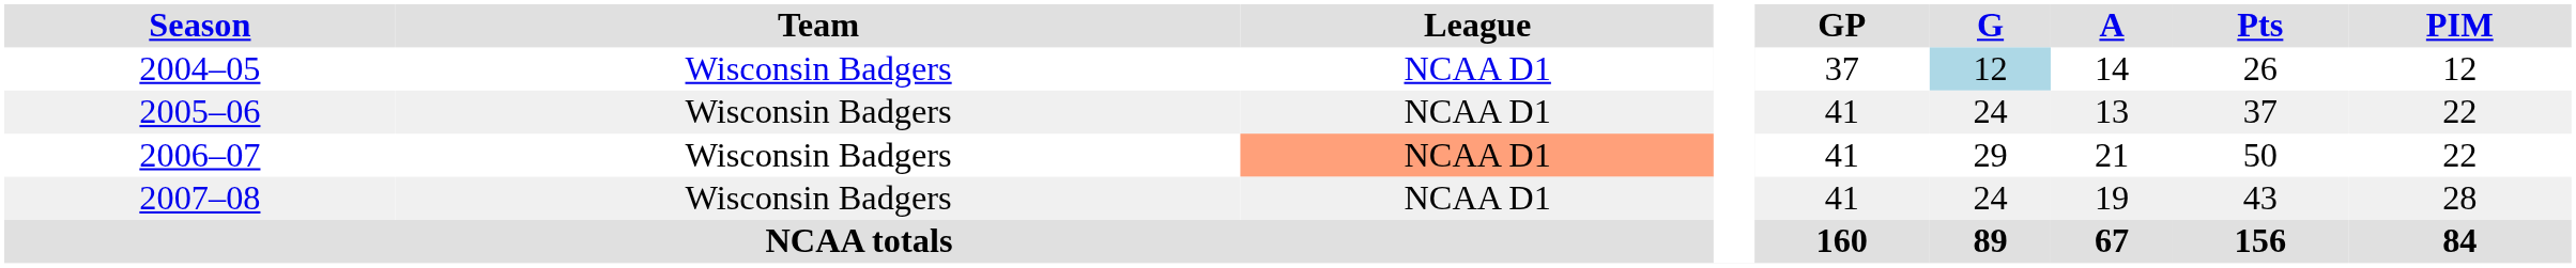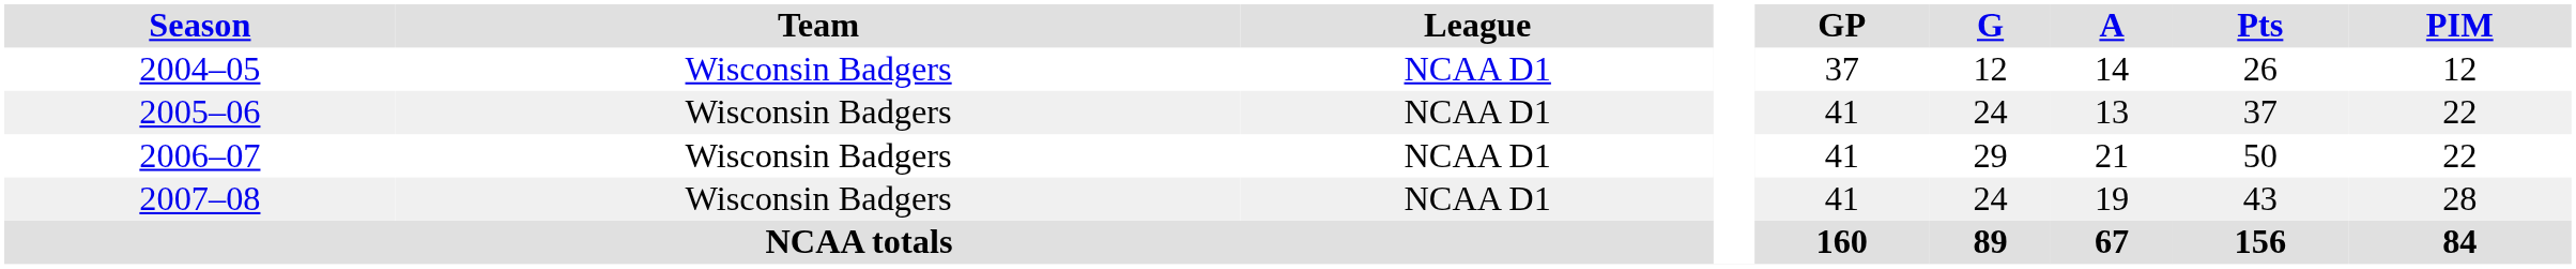 <table border="0" cellpadding="1" cellspacing="0" width="75%" style="text-align:center">
 <tr bgcolor="#e0e0e0">
 <th><a href='#'>Season</a></th>
 <th>Team</th>
 <th>League</th>
 <th rowspan="99" bgcolor="#ffffff"> </th>
 <th>GP</th>
 <th><a href='#'>G</a></th>
 <th><a href='#'>A</a></th>
 <th><a href='#'>Pts</a></th>
 <th><a href='#'>PIM</a></th>
 </tr>
 <tr>
 <td><a href='#'>2004–05</a></td>
 <td><a href='#'>Wisconsin Badgers</a></td>
 <td><a href='#'>NCAA D1</a></td>
 <td>37</td>
-<td style="background: lightblue;">12</td>
+<td>12</td>
 <td>14</td>
 <td>26</td>
 <td>12</td>
 </tr>
 <tr bgcolor="#f0f0f0">
 <td><a href='#'>2005–06</a></td>
 <td>Wisconsin Badgers</td>
 <td>NCAA D1</td>
 <td>41</td>
 <td>24</td>
 <td>13</td>
 <td>37</td>
 <td>22</td>
 </tr>
 <tr>
 <td><a href='#'>2006–07</a></td>
 <td>Wisconsin Badgers</td>
-<td style="background: lightsalmon;">NCAA D1</td>
+<td>NCAA D1</td>
 <td>41</td>
 <td>29</td>
 <td>21</td>
 <td>50</td>
 <td>22</td>
 </tr>
 <tr bgcolor="#f0f0f0">
 <td><a href='#'>2007–08</a></td>
 <td>Wisconsin Badgers</td>
 <td>NCAA D1</td>
 <td>41</td>
 <td>24</td>
 <td>19</td>
 <td>43</td>
 <td>28</td>
 </tr>
 <tr bgcolor="#e0e0e0">
 <th colspan="3">NCAA totals</th>
 <th>160</th>
 <th>89</th>
 <th>67</th>
 <th>156</th>
 <th>84</th>
 </tr>
 </table>
